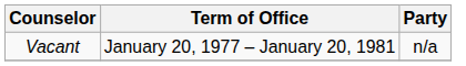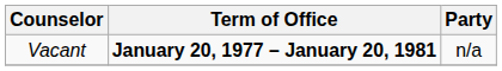 <table class="wikitable sortable" style="text-align:center">
 <tr>
 <th>Counselor</th>
 <th>Term of Office<br></th>
 <th>Party</th>
 </tr>
 <tr>
 <td><em>Vacant</em></td>
-<td>January 20, 1977 – January 20, 1981</td>
+<td><strong>January 20, 1977 – January 20, 1981</strong></td>
 <td>n/a</td>
 </tr>
 <tr>
 </tr>
 </table>
